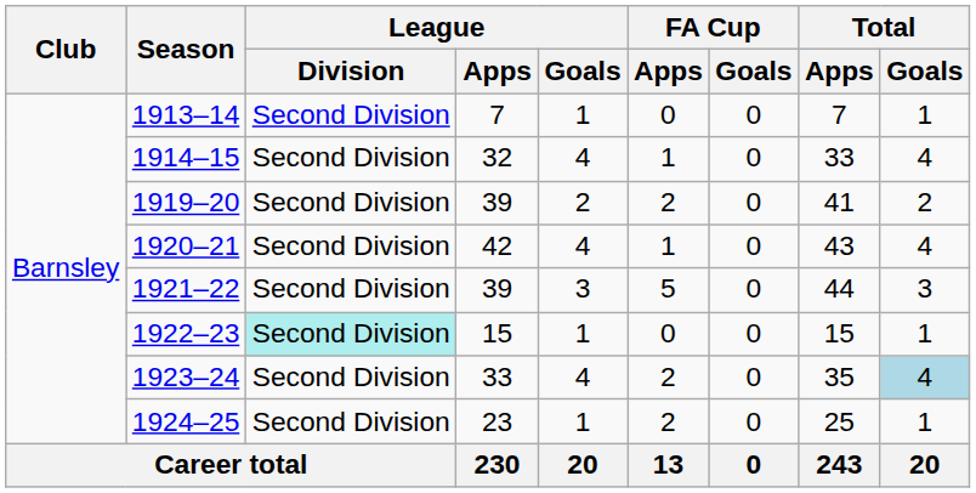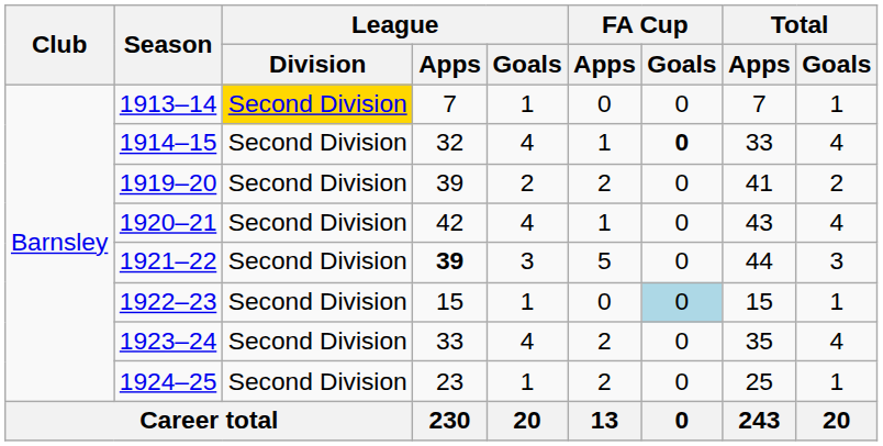 <table class="wikitable" style="text-align: center;">
 <tr>
 <th rowspan="2">Club</th>
 <th rowspan="2">Season</th>
 <th colspan="3">League</th>
 <th colspan="2">FA Cup</th>
 <th colspan="2">Total</th>
 </tr>
 <tr>
 <th>Division</th>
 <th>Apps</th>
 <th>Goals</th>
 <th>Apps</th>
 <th>Goals</th>
 <th>Apps</th>
 <th>Goals</th>
 </tr>
 <tr>
 <td rowspan=8><a href='#'>Barnsley</a></td>
 <td><a href='#'>1913–14</a></td>
-<td><a href='#'>Second Division</a></td>
+<td style="background: gold;"><a href='#'>Second Division</a></td>
 <td>7</td>
 <td>1</td>
 <td>0</td>
 <td>0</td>
 <td>7</td>
 <td>1</td>
 </tr>
 <tr>
 <td><a href='#'>1914–15</a></td>
 <td>Second Division</td>
 <td>32</td>
 <td>4</td>
 <td>1</td>
-<td>0</td>
+<td><strong>0</strong></td>
 <td>33</td>
 <td>4</td>
 </tr>
 <tr>
 <td><a href='#'>1919–20</a></td>
 <td>Second Division</td>
 <td>39</td>
 <td>2</td>
 <td>2</td>
 <td>0</td>
 <td>41</td>
 <td>2</td>
 </tr>
 <tr>
 <td><a href='#'>1920–21</a></td>
 <td>Second Division</td>
 <td>42</td>
 <td>4</td>
 <td>1</td>
 <td>0</td>
 <td>43</td>
 <td>4</td>
 </tr>
 <tr>
 <td><a href='#'>1921–22</a></td>
 <td>Second Division</td>
-<td>39</td>
+<td><strong>39</strong></td>
 <td>3</td>
 <td>5</td>
 <td>0</td>
 <td>44</td>
 <td>3</td>
 </tr>
 <tr>
 <td><a href='#'>1922–23</a></td>
-<td style="background: paleturquoise;">Second Division</td>
+<td>Second Division</td>
 <td>15</td>
 <td>1</td>
 <td>0</td>
-<td>0</td>
+<td style="background: lightblue;">0</td>
 <td>15</td>
 <td>1</td>
 </tr>
 <tr>
 <td><a href='#'>1923–24</a></td>
 <td>Second Division</td>
 <td>33</td>
 <td>4</td>
 <td>2</td>
 <td>0</td>
 <td>35</td>
-<td style="background: lightblue;">4</td>
+<td>4</td>
 </tr>
 <tr>
 <td><a href='#'>1924–25</a></td>
 <td>Second Division</td>
 <td>23</td>
 <td>1</td>
 <td>2</td>
 <td>0</td>
 <td>25</td>
 <td>1</td>
 </tr>
 <tr>
 <th colspan="3">Career total</th>
 <th>230</th>
 <th>20</th>
 <th>13</th>
 <th>0</th>
 <th>243</th>
 <th>20</th>
 </tr>
 </table>
